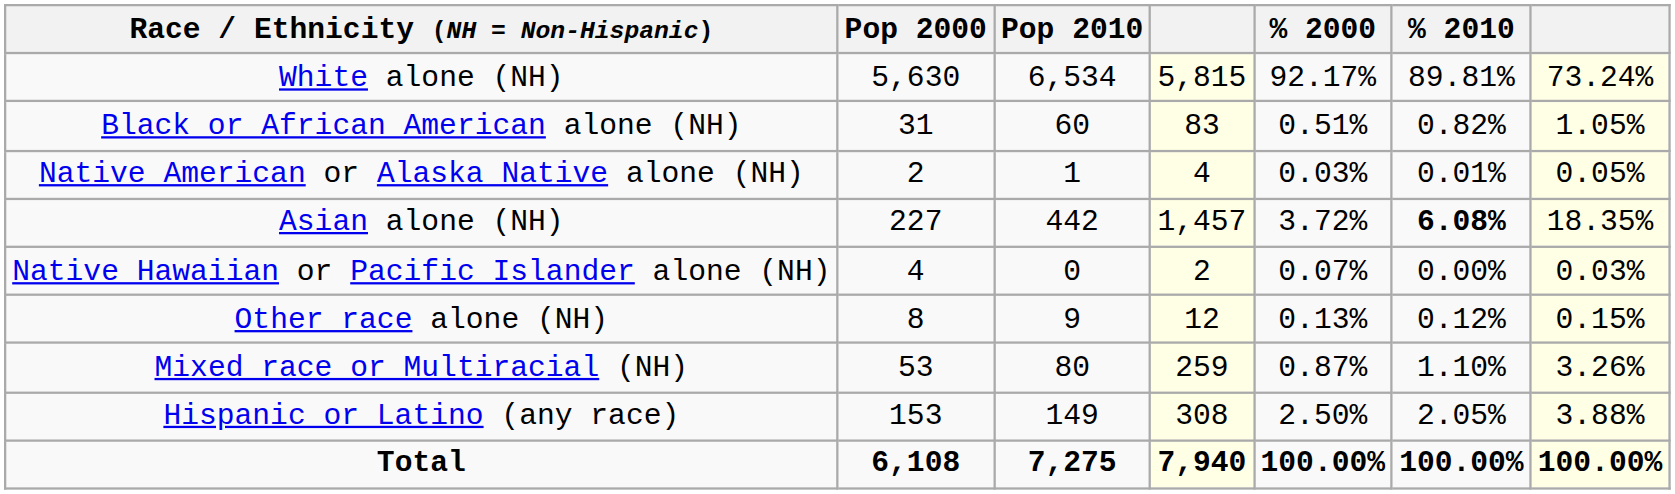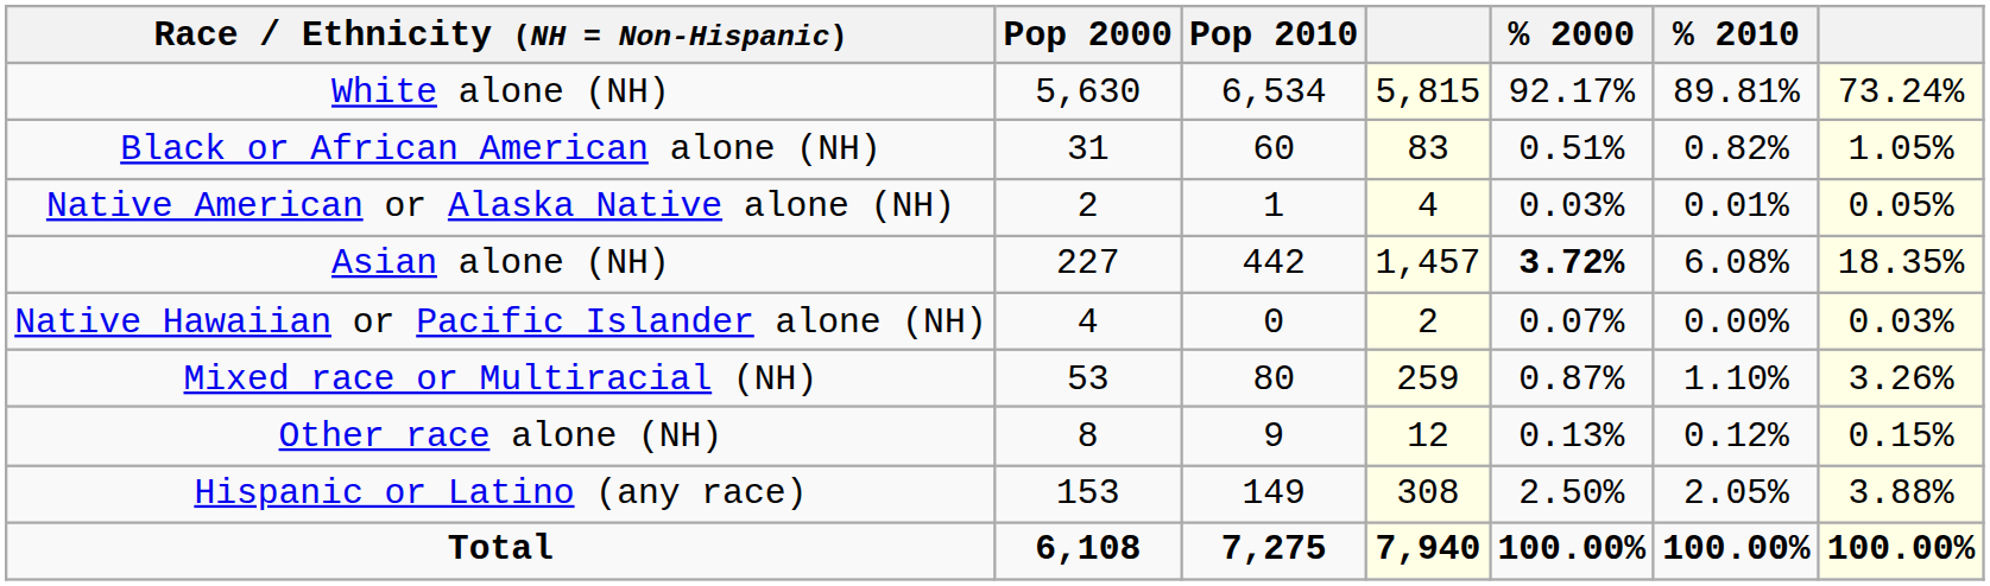 <table class="wikitable" style="text-align:center;">
 <tr>
 <th>Race / Ethnicity <small>(<em>NH = Non-Hispanic</em>)</small></th>
 <th>Pop 2000</th>
 <th>Pop 2010</th>
 <th></th>
 <th>% 2000</th>
 <th>% 2010</th>
 <th></th>
 </tr>
 <tr>
 <td><a href='#'>White</a> alone (NH)</td>
 <td>5,630</td>
 <td>6,534</td>
 <td style='background: #ffffe6;'>5,815</td>
 <td>92.17%</td>
 <td>89.81%</td>
 <td style='background: #ffffe6;'>73.24%</td>
 </tr>
 <tr>
 <td><a href='#'>Black or African American</a> alone (NH)</td>
 <td>31</td>
 <td>60</td>
 <td style='background: #ffffe6;'>83</td>
 <td>0.51%</td>
 <td>0.82%</td>
 <td style='background: #ffffe6;'>1.05%</td>
 </tr>
 <tr>
 <td><a href='#'>Native American</a> or <a href='#'>Alaska Native</a> alone (NH)</td>
 <td>2</td>
 <td>1</td>
 <td style='background: #ffffe6;'>4</td>
 <td>0.03%</td>
 <td>0.01%</td>
 <td style='background: #ffffe6;'>0.05%</td>
 </tr>
 <tr>
 <td><a href='#'>Asian</a> alone (NH)</td>
 <td>227</td>
 <td>442</td>
 <td style='background: #ffffe6;'>1,457</td>
-<td>3.72%</td>
-<td><strong>6.08%</strong></td>
+<td><strong>3.72%</strong></td>
+<td>6.08%</td>
 <td style='background: #ffffe6;'>18.35%</td>
 </tr>
 <tr>
 <td><a href='#'>Native Hawaiian</a> or <a href='#'>Pacific Islander</a> alone (NH)</td>
 <td>4</td>
 <td>0</td>
 <td style='background: #ffffe6;'>2</td>
 <td>0.07%</td>
 <td>0.00%</td>
 <td style='background: #ffffe6;'>0.03%</td>
 </tr>
 <tr>
+<td><a href='#'>Mixed race or Multiracial</a> (NH)</td>
+<td>53</td>
+<td>80</td>
+<td style='background: #ffffe6;'>259</td>
+<td>0.87%</td>
+<td>1.10%</td>
+<td style='background: #ffffe6;'>3.26%</td>
+</tr>
+<tr>
 <td><a href='#'>Other race</a> alone (NH)</td>
 <td>8</td>
 <td>9</td>
 <td style='background: #ffffe6;'>12</td>
 <td>0.13%</td>
 <td>0.12%</td>
 <td style='background: #ffffe6;'>0.15%</td>
-</tr>
-<tr>
-<td><a href='#'>Mixed race or Multiracial</a> (NH)</td>
-<td>53</td>
-<td>80</td>
-<td style='background: #ffffe6;'>259</td>
-<td>0.87%</td>
-<td>1.10%</td>
-<td style='background: #ffffe6;'>3.26%</td>
 </tr>
 <tr>
 <td><a href='#'>Hispanic or Latino</a> (any race)</td>
 <td>153</td>
 <td>149</td>
 <td style='background: #ffffe6;'>308</td>
 <td>2.50%</td>
 <td>2.05%</td>
 <td style='background: #ffffe6;'>3.88%</td>
 </tr>
 <tr>
 <td><strong>Total</strong></td>
 <td><strong>6,108</strong></td>
 <td><strong>7,275</strong></td>
 <td style='background: #ffffe6;'><strong>7,940</strong></td>
 <td><strong>100.00%</strong></td>
 <td><strong>100.00%</strong></td>
 <td style='background: #ffffe6;'><strong>100.00%</strong></td>
 </tr>
 </table>
